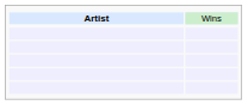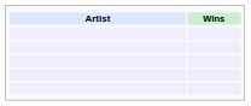 <table class="infobox" style="width: 25em; text-align: center; font-size: 70%; vertical-align: middle;">
 <tr>
 <td colspan="2" style="text-align:center;"></td>
 </tr>
 <tr style="background:#d9e8ff; text-align:center;">
 <th style="vertical-align: middle;">Artist</th>
-<td style="background:#cec; font-size:8pt; width:60px;">Wins</td>
+<td style="background:#cec; font-size:8pt; width:60px;"><strong>Wins</strong></td>
 </tr>
 <tr>
 </tr>
 <tr style="background:#eef;">
 <td style="text-align:center;"><br></td>
 <td></td>
 </tr>
 <tr style="background:#eef;">
 <td style="text-align:center;"><br></td>
 <td></td>
 </tr>
 <tr style="background:#eef;">
 <td style="text-align:center;"><br></td>
 <td></td>
 </tr>
 <tr style="background:#eef;">
 <td style="text-align:center;"><br></td>
 <td></td>
 </tr>
 <tr style="background:#eef;">
 <td style="text-align:center;"><br></td>
 <td></td>
 </tr>
 <tr>
 </tr>
 </table>
